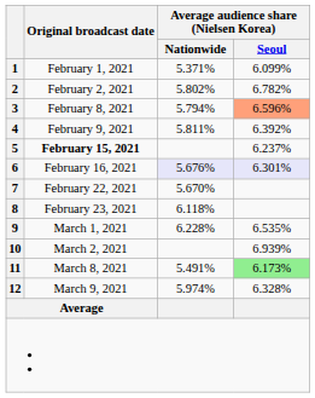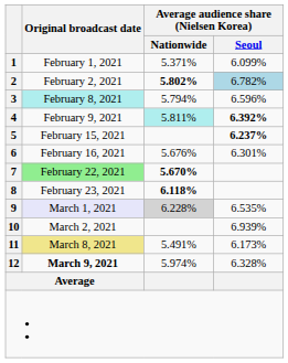 <table class="wikitable" style="text-align:center;max-width:450px; margin-left: auto; margin-right: auto; border: none;">
 <tr>
 </tr>
 <tr>
 <th rowspan="2"></th>
 <th rowspan="2">Original broadcast date</th>
 <th colspan="2">Average audience share<br>(Nielsen Korea)</th>
 </tr>
 <tr>
 <th width="90">Nationwide</th>
 <th width="90"><a href='#'>Seoul</a></th>
 </tr>
 <tr>
 <th>1</th>
 <td>February 1, 2021</td>
 <td>5.371% </td>
 <td>6.099% </td>
 </tr>
 <tr>
 <th>2</th>
 <td>February 2, 2021</td>
-<td>5.802% </td>
-<td>6.782% </td>
+<td><strong>5.802% </strong></td>
+<td style="background: lightblue;">6.782% </td>
 </tr>
 <tr>
 <th>3</th>
-<td>February 8, 2021</td>
+<td style="background: paleturquoise;">February 8, 2021</td>
 <td>5.794% </td>
-<td style="background: lightsalmon;">6.596% </td>
+<td>6.596% </td>
 </tr>
 <tr>
 <th>4</th>
 <td>February 9, 2021</td>
-<td>5.811% </td>
-<td>6.392% </td>
+<td style="background: paleturquoise;">5.811% </td>
+<td><strong>6.392% </strong></td>
 </tr>
 <tr>
 <th>5</th>
-<td><strong>February 15, 2021</strong></td>
+<td>February 15, 2021</td>
 <td> </td>
-<td>6.237% </td>
+<td><strong>6.237% </strong></td>
 </tr>
 <tr>
 <th>6</th>
 <td>February 16, 2021</td>
-<td style="background: lavender;">5.676% </td>
-<td style="background: lavender;">6.301% </td>
+<td>5.676% </td>
+<td>6.301% </td>
 </tr>
 <tr>
 <th>7</th>
-<td>February 22, 2021</td>
-<td>5.670% </td>
+<td style="background: lightgreen;">February 22, 2021</td>
+<td><strong>5.670% </strong></td>
 <td> </td>
 </tr>
 <tr>
 <th>8</th>
 <td>February 23, 2021</td>
-<td>6.118% </td>
+<td><strong>6.118% </strong></td>
 <td> </td>
 </tr>
 <tr>
 <th>9</th>
-<td>March 1, 2021</td>
-<td>6.228% </td>
+<td style="background: lavender;">March 1, 2021</td>
+<td style="background: lightgrey;">6.228% </td>
 <td>6.535% </td>
 </tr>
 <tr>
 <th>10</th>
 <td>March 2, 2021</td>
 <td> </td>
 <td>6.939% </td>
 </tr>
 <tr>
 <th>11</th>
-<td>March 8, 2021</td>
+<td style="background: khaki;">March 8, 2021</td>
 <td>5.491% </td>
-<td style="background: lightgreen;">6.173% </td>
+<td>6.173% </td>
 </tr>
 <tr>
 <th>12</th>
-<td>March 9, 2021</td>
+<td><strong>March 9, 2021</strong></td>
 <td>5.974% </td>
 <td>6.328% </td>
 </tr>
 <tr>
 <th colspan="2">Average</th>
 <th></th>
 <th></th>
 </tr>
 <tr>
 <td colspan="7"><br><ul><li></li><li></li></ul></td>
 </tr>
 </table>
